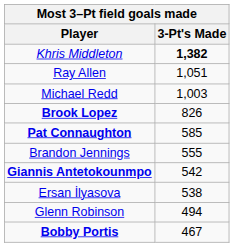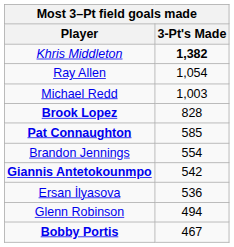 <table class="wikitable sortable" style="text-align:center">
 <tr>
 <th colspan="5">Most 3–Pt field goals made</th>
 </tr>
 <tr>
 <th>Player</th>
 <th>3-Pt's Made</th>
 </tr>
 <tr>
 <td><em><a href='#'>Khris Middleton</a></em></td>
 <td><strong>1,382</strong></td>
 </tr>
 <tr>
 <td><a href='#'>Ray Allen</a></td>
-<td>1,051</td>
+<td>1,054</td>
 </tr>
 <tr>
 <td><a href='#'>Michael Redd</a></td>
 <td>1,003</td>
 </tr>
 <tr>
 <td><strong><a href='#'>Brook Lopez</a></strong></td>
-<td>826</td>
+<td>828</td>
 </tr>
 <tr>
 <td><strong><a href='#'>Pat Connaughton</a></strong></td>
 <td>585</td>
 </tr>
 <tr>
 <td><a href='#'>Brandon Jennings</a></td>
-<td>555</td>
+<td>554</td>
 </tr>
 <tr>
 <td><strong><a href='#'>Giannis Antetokounmpo</a></strong></td>
 <td>542</td>
 </tr>
 <tr>
 <td><a href='#'>Ersan İlyasova</a></td>
-<td>538</td>
+<td>536</td>
 </tr>
 <tr>
 <td><a href='#'>Glenn Robinson</a></td>
 <td>494</td>
 </tr>
 <tr>
 <td><strong><a href='#'>Bobby Portis</a></strong></td>
 <td>467</td>
 </tr>
 </table>
